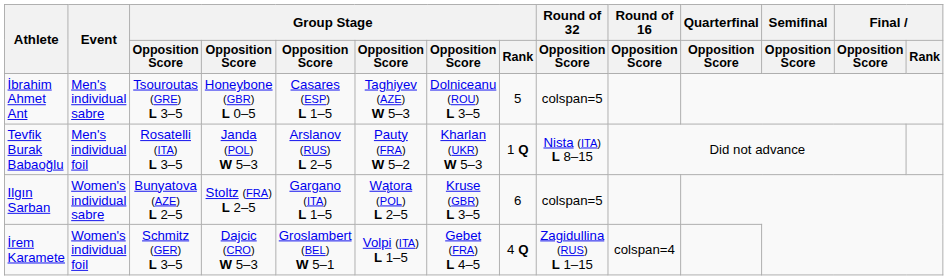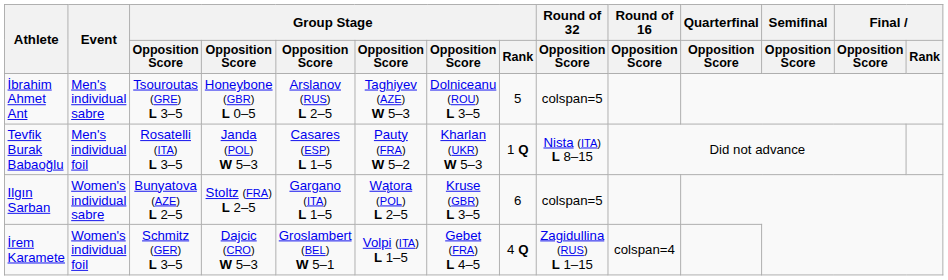 <table class="wikitable" style="font-size:90%">
 <tr>
 <th rowspan="2">Athlete</th>
 <th rowspan="2">Event</th>
 <th colspan=6>Group Stage</th>
 <th>Round of 32</th>
 <th>Round of 16</th>
 <th>Quarterfinal</th>
 <th>Semifinal</th>
 <th colspan=2>Final / </th>
 </tr>
 <tr style="font-size:95%">
 <th>Opposition <br> Score</th>
 <th>Opposition <br> Score</th>
 <th>Opposition <br> Score</th>
 <th>Opposition <br> Score</th>
 <th>Opposition <br> Score</th>
 <th>Rank</th>
 <th>Opposition <br> Score</th>
 <th>Opposition <br> Score</th>
 <th>Opposition <br> Score</th>
 <th>Opposition <br> Score</th>
 <th>Opposition <br> Score</th>
 <th>Rank</th>
 </tr>
 <tr align=center>
 <td align=left><a href='#'>İbrahim Ahmet Ant</a></td>
 <td align=left><a href='#'>Men's individual sabre</a></td>
 <td> <a href='#'>Tsouroutas</a> <small>(<a href='#'>GRE</a>)</small> <br><strong>L</strong> 3–5</td>
 <td> <a href='#'>Honeybone</a> <small>(<a href='#'>GBR</a>)</small> <br><strong>L</strong> 0–5</td>
-<td> <a href='#'>Casares</a> <small>(<a href='#'>ESP</a>)</small> <br><strong>L</strong> 1–5</td>
+<td> <a href='#'>Arslanov</a> <small>(<a href='#'>RUS</a>)</small> <br><strong>L</strong> 2–5</td>
 <td> <a href='#'>Taghiyev</a> <small>(<a href='#'>AZE</a>)</small> <br><strong>W</strong> 5–3</td>
 <td> <a href='#'>Dolniceanu</a> <small>(<a href='#'>ROU</a>)</small> <br><strong>L</strong> 3–5</td>
 <td>5</td>
 <td>colspan=5 </td>
 <td></td>
 </tr>
 <tr align=center>
 <td align=left><a href='#'>Tevfik Burak Babaoğlu</a></td>
 <td align=left><a href='#'>Men's individual foil</a></td>
 <td> <a href='#'>Rosatelli</a> <small>(<a href='#'>ITA</a>)</small> <br><strong>L</strong> 3–5</td>
 <td> <a href='#'>Janda</a> <small>(<a href='#'>POL</a>)</small> <br><strong>W</strong> 5–3</td>
-<td> <a href='#'>Arslanov</a> <small>(<a href='#'>RUS</a>)</small> <br><strong>L</strong> 2–5</td>
+<td> <a href='#'>Casares</a> <small>(<a href='#'>ESP</a>)</small> <br><strong>L</strong> 1–5</td>
 <td> <a href='#'>Pauty</a> <small>(<a href='#'>FRA</a>)</small> <br><strong>W</strong> 5–2</td>
 <td> <a href='#'>Kharlan</a> <small>(<a href='#'>UKR</a>)</small> <br><strong>W</strong> 5–3</td>
 <td>1 <strong>Q</strong></td>
 <td> <a href='#'>Nista</a> <small>(<a href='#'>ITA</a>)</small> <br><strong>L</strong> 8–15</td>
 <td colspan=4 {{n/a>Did not advance</td>
 <td></td>
 </tr>
 <tr align=center>
 <td align=left><a href='#'>Ilgın Sarban</a></td>
 <td align=left><a href='#'>Women's individual sabre</a></td>
 <td> <a href='#'>Bunyatova</a> <small>(<a href='#'>AZE</a>)</small> <br><strong>L</strong> 2–5</td>
 <td> <a href='#'>Stoltz</a> <small>(<a href='#'>FRA</a>)</small> <br><strong>L</strong> 2–5</td>
 <td> <a href='#'>Gargano</a> <small>(<a href='#'>ITA</a>)</small> <br><strong>L</strong> 1–5</td>
 <td> <a href='#'>Wątora</a> <small>(<a href='#'>POL</a>)</small> <br><strong>L</strong> 2–5</td>
 <td> <a href='#'>Kruse</a> <small>(<a href='#'>GBR</a>)</small> <br><strong>L</strong> 3–5</td>
 <td>6</td>
 <td>colspan=5 </td>
 <td></td>
 </tr>
 <tr align=center>
 <td align=left><a href='#'>İrem Karamete</a></td>
 <td align=left><a href='#'>Women's individual foil</a></td>
 <td> <a href='#'>Schmitz</a> <small>(<a href='#'>GER</a>)</small> <br><strong>L</strong> 3–5</td>
 <td> <a href='#'>Dajcic</a> <small>(<a href='#'>CRO</a>)</small> <br><strong>W</strong> 5–3</td>
 <td> <a href='#'>Groslambert</a> <small>(<a href='#'>BEL</a>)</small> <br><strong>W</strong> 5–1</td>
 <td> <a href='#'>Volpi</a> <small>(<a href='#'>ITA</a>)</small> <br><strong>L</strong> 1–5</td>
 <td> <a href='#'>Gebet</a> <small>(<a href='#'>FRA</a>)</small> <br><strong>L</strong> 4–5</td>
 <td>4 <strong>Q</strong></td>
 <td> <a href='#'>Zagidullina</a> <small>(<a href='#'>RUS</a>)</small> <br><strong>L</strong> 1–15</td>
 <td>colspan=4 </td>
 <td></td>
 </tr>
 </table>
